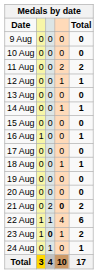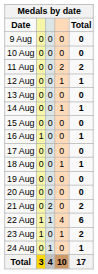 <table class="wikitable" style="font-size:85%; float:right">
 <tr bgcolor="#efefef">
 <th colspan=6>Medals by date</th>
 </tr>
 <tr align=center>
 <td><strong>Date</strong></td>
 <td bgcolor=#f7f6a8></td>
 <td bgcolor=#dce5e5></td>
 <td bgcolor=#ffdab9></td>
 <td><strong>Total</strong></td>
 </tr>
 <tr align=center>
 <td>9 Aug</td>
 <td style="background:#F7F6A8;">0</td>
 <td style="background:#DCE5E5;">0</td>
 <td style="background:#FFDAB9;">0</td>
 <td><strong>0</strong></td>
 </tr>
 <tr align=center>
 <td>10 Aug</td>
 <td style="background:#F7F6A8;">0</td>
 <td style="background:#DCE5E5;">0</td>
 <td style="background:#FFDAB9;">0</td>
 <td><strong>0</strong></td>
 </tr>
 <tr align=center>
 <td>11 Aug</td>
 <td style="background:#F7F6A8;">0</td>
 <td style="background:#DCE5E5;">0</td>
 <td style="background:#FFDAB9;">2</td>
 <td><strong>2</strong></td>
 </tr>
 <tr align=center>
 <td>12 Aug</td>
 <td style="background:#F7F6A8;">0</td>
 <td style="background:#DCE5E5;">0</td>
 <td style="background:#FFDAB9;">1</td>
 <td><strong>1</strong></td>
 </tr>
 <tr align=center>
 <td>13 Aug</td>
 <td style="background:#F7F6A8;">0</td>
 <td style="background:#DCE5E5;">0</td>
 <td style="background:#FFDAB9;">0</td>
 <td><strong>0</strong></td>
 </tr>
 <tr align=center>
 <td>14 Aug</td>
 <td style="background:#F7F6A8;">0</td>
 <td style="background:#DCE5E5;">0</td>
 <td style="background:#FFDAB9;">1</td>
 <td><strong>1</strong></td>
 </tr>
 <tr align=center>
 <td>15 Aug</td>
 <td style="background:#F7F6A8;">0</td>
 <td style="background:#DCE5E5;">0</td>
 <td style="background:#FFDAB9;">0</td>
 <td><strong>0</strong></td>
 </tr>
 <tr align=center>
 <td>16 Aug</td>
 <td style="background:#F7F6A8;">1</td>
 <td style="background:#DCE5E5;">0</td>
 <td style="background:#FFDAB9;">0</td>
 <td><strong>1</strong></td>
 </tr>
 <tr align=center>
 <td>17 Aug</td>
 <td style="background:#F7F6A8;">0</td>
 <td style="background:#DCE5E5;">0</td>
 <td style="background:#FFDAB9;">0</td>
 <td><strong>0</strong></td>
 </tr>
 <tr align=center>
 <td>18 Aug</td>
 <td style="background:#F7F6A8;">0</td>
 <td style="background:#DCE5E5;">0</td>
 <td style="background:#FFDAB9;">1</td>
 <td><strong>1</strong></td>
 </tr>
 <tr align=center>
 <td>19 Aug</td>
 <td style="background:#F7F6A8;">0</td>
 <td style="background:#DCE5E5;">0</td>
 <td style="background:#FFDAB9;">0</td>
 <td><strong>0</strong></td>
 </tr>
 <tr align=center>
 <td>20 Aug</td>
 <td style="background:#F7F6A8;">0</td>
 <td style="background:#DCE5E5;">0</td>
 <td style="background:#FFDAB9;">0</td>
 <td><strong>0</strong></td>
 </tr>
 <tr align=center>
 <td>21 Aug</td>
 <td style="background:#F7F6A8;">0</td>
 <td style="background:#DCE5E5;">2</td>
-<td style="background:#FFDAB9;"><strong>0</strong></td>
+<td style="background:#FFDAB9;">0</td>
 <td><strong>2</strong></td>
 </tr>
 <tr align=center>
 <td>22 Aug</td>
 <td style="background:#F7F6A8;">1</td>
 <td style="background:#DCE5E5;">1</td>
 <td style="background:#FFDAB9;">4</td>
 <td><strong>6</strong></td>
 </tr>
 <tr align=center>
 <td>23 Aug</td>
 <td style="background:#F7F6A8;">1</td>
-<td style="background:#DCE5E5;"><strong>0</strong></td>
+<td style="background:#DCE5E5;">0</td>
 <td style="background:#FFDAB9;">1</td>
 <td><strong>2</strong></td>
 </tr>
 <tr align=center>
 <td>24 Aug</td>
 <td style="background:#F7F6A8;">0</td>
 <td style="background:#DCE5E5;">1</td>
 <td style="background:#FFDAB9;">0</td>
 <td><strong>1</strong></td>
 </tr>
 <tr align=center>
 <th>Total</th>
 <th style="background:gold;">3</th>
 <th style="background:silver;">4</th>
 <th style="background:#c96;">10</th>
 <th>17</th>
 </tr>
 </table>
